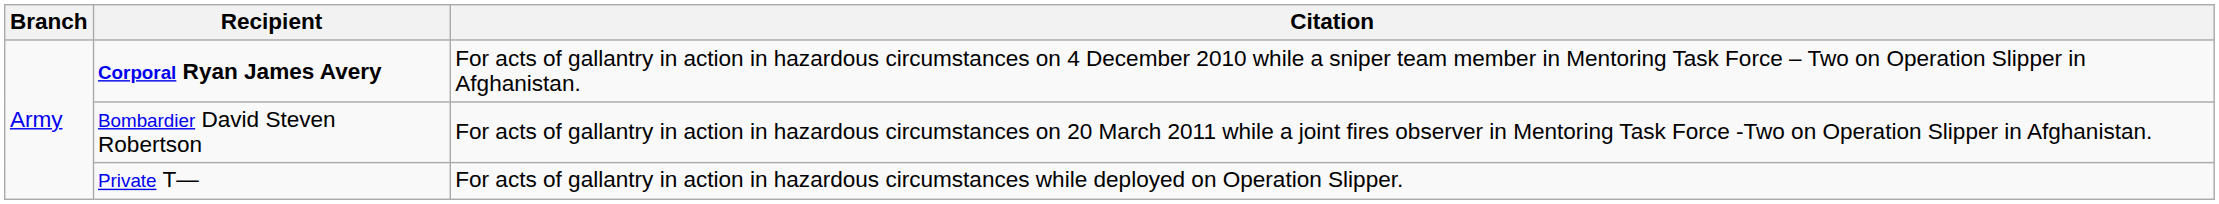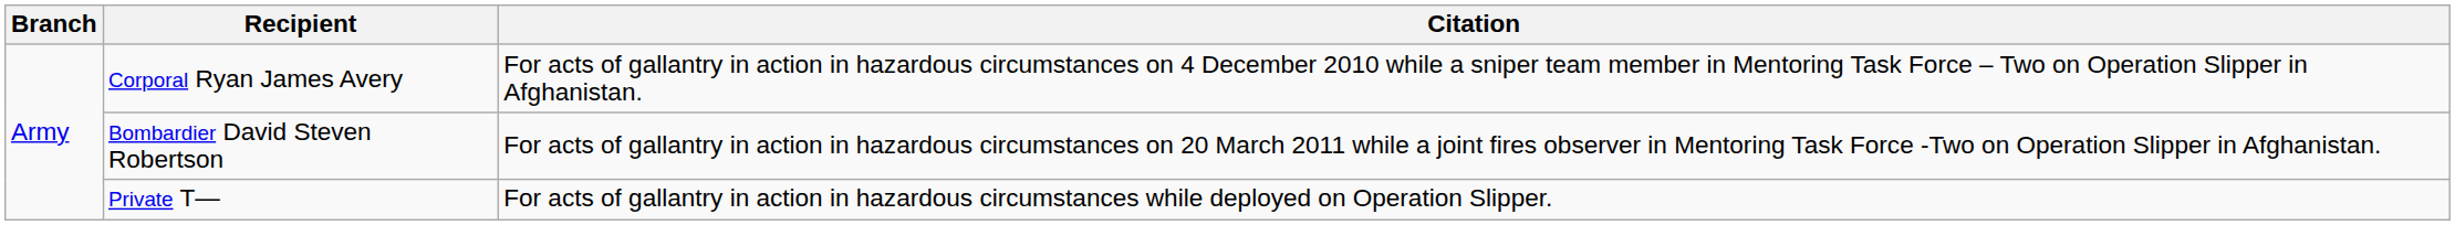 <table class=wikitable>
 <tr>
 <th>Branch</th>
 <th>Recipient</th>
 <th>Citation</th>
 </tr>
 <tr>
 <td rowspan="3"><a href='#'>Army</a></td>
-<td><strong><small><a href='#'>Corporal</a></small> Ryan James Avery</strong></td>
+<td><small><a href='#'>Corporal</a></small> Ryan James Avery</td>
 <td>For acts of gallantry in action in hazardous circumstances on 4 December 2010 while a sniper team member in Mentoring Task Force – Two on Operation Slipper in Afghanistan.</td>
 </tr>
 <tr>
 <td><small><a href='#'>Bombardier</a></small> David Steven Robertson</td>
 <td>For acts of gallantry in action in hazardous circumstances on 20 March 2011 while a joint fires observer in Mentoring Task Force -Two on Operation Slipper in Afghanistan.</td>
 </tr>
 <tr>
 <td><small><a href='#'>Private</a></small> T—</td>
 <td>For acts of gallantry in action in hazardous circumstances while deployed on Operation Slipper.</td>
 </tr>
 </table>
